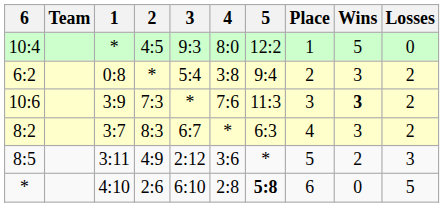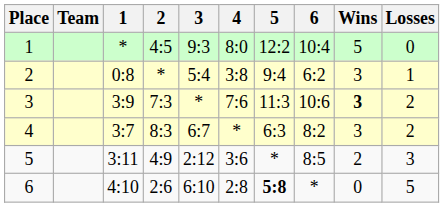 <table class="wikitable" style="text-align:center;">
 <tr>
-<th width="25">6</th>
+<th>Place</th>
 <th>Team</th>
 <th width="25">1</th>
 <th width="25">2</th>
 <th width="25">3</th>
 <th width="25">4</th>
 <th width="25">5</th>
-<th>Place</th>
+<th width="25">6</th>
 <th>Wins</th>
 <th>Losses</th>
 </tr>
 <tr bgcolor=#cfc>
-<td>10:4</td>
+<td>1</td>
 <td align=left></td>
 <td>*</td>
 <td>4:5</td>
 <td>9:3</td>
 <td>8:0</td>
 <td>12:2</td>
-<td>1</td>
+<td>10:4</td>
 <td>5</td>
 <td>0</td>
 </tr>
 <tr bgcolor=#ffc>
-<td>6:2</td>
+<td>2</td>
 <td align=left></td>
 <td>0:8</td>
 <td>*</td>
 <td>5:4</td>
 <td>3:8</td>
 <td>9:4</td>
-<td>2</td>
+<td>6:2</td>
 <td>3</td>
-<td>2</td>
+<td>1</td>
 </tr>
 <tr bgcolor=#ffc>
-<td>10:6</td>
+<td>3</td>
 <td align=left></td>
 <td>3:9</td>
 <td>7:3</td>
 <td>*</td>
 <td>7:6</td>
 <td>11:3</td>
-<td>3</td>
+<td>10:6</td>
 <td><strong>3</strong></td>
 <td>2</td>
 </tr>
 <tr bgcolor=#ffc>
-<td>8:2</td>
+<td>4</td>
 <td align=left></td>
 <td>3:7</td>
 <td>8:3</td>
 <td>6:7</td>
 <td>*</td>
 <td>6:3</td>
-<td>4</td>
+<td>8:2</td>
 <td>3</td>
 <td>2</td>
 </tr>
 <tr>
-<td>8:5</td>
+<td>5</td>
 <td align=left></td>
 <td>3:11</td>
 <td>4:9</td>
 <td>2:12</td>
 <td>3:6</td>
 <td>*</td>
-<td>5</td>
+<td>8:5</td>
 <td>2</td>
 <td>3</td>
 </tr>
 <tr>
-<td>*</td>
+<td>6</td>
 <td align=left></td>
 <td>4:10</td>
 <td>2:6</td>
 <td>6:10</td>
 <td>2:8</td>
 <td><strong>5:8</strong></td>
-<td>6</td>
+<td>*</td>
 <td>0</td>
 <td>5</td>
 </tr>
 </table>
